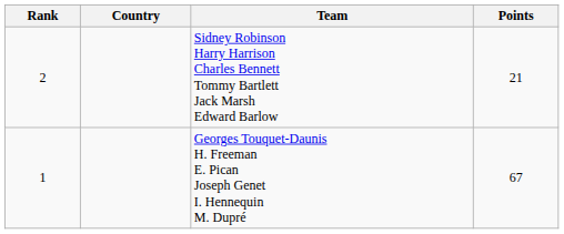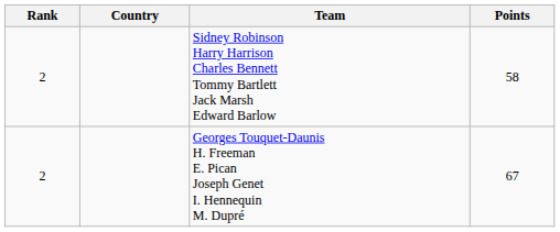 <table class="wikitable sortable" style=" text-align:center; font-size:95%;" width="50%">
 <tr>
 <th>Rank</th>
 <th>Country</th>
 <th>Team</th>
 <th>Points</th>
 </tr>
 <tr>
 <td align=center>2</td>
 <td align=left></td>
 <td align=left><a href='#'>Sidney Robinson</a><br><a href='#'>Harry Harrison</a><br><a href='#'>Charles Bennett</a><br>Tommy Bartlett<br>Jack Marsh<br>Edward Barlow</td>
-<td>21</td>
+<td>58</td>
 </tr>
 <tr>
-<td align=center>1</td>
+<td align=center>2</td>
 <td align=left></td>
 <td align=left><a href='#'>Georges Touquet-Daunis</a><br>H. Freeman<br>E. Pican<br>Joseph Genet<br>I. Hennequin<br>M. Dupré</td>
 <td>67</td>
 </tr>
 </table>
